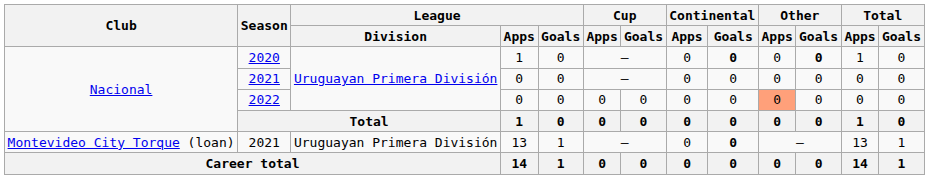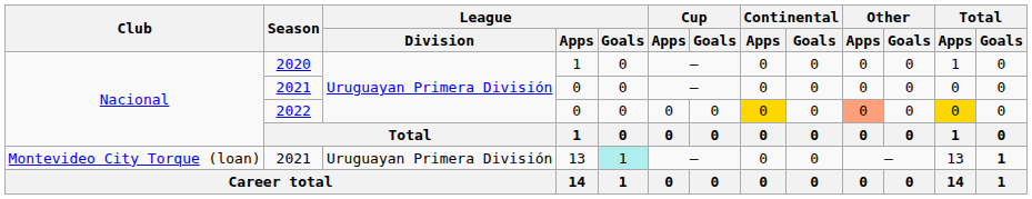 <table class="wikitable" style="text-align: center">
 <tr>
 <th rowspan="2">Club</th>
 <th rowspan="2">Season</th>
 <th colspan="3">League</th>
 <th colspan="2">Cup</th>
 <th colspan="2">Continental</th>
 <th colspan="2">Other</th>
 <th colspan="2">Total</th>
 </tr>
 <tr>
 <th>Division</th>
 <th>Apps</th>
 <th>Goals</th>
 <th>Apps</th>
 <th>Goals</th>
 <th>Apps</th>
 <th>Goals</th>
 <th>Apps</th>
 <th>Goals</th>
 <th>Apps</th>
 <th>Goals</th>
 </tr>
 <tr>
 <td rowspan="4"><a href='#'>Nacional</a></td>
 <td><a href='#'>2020</a></td>
 <td rowspan="3"><a href='#'>Uruguayan Primera División</a></td>
 <td>1</td>
 <td>0</td>
 <td colspan="2">—</td>
 <td>0</td>
-<td><strong>0</strong></td>
 <td>0</td>
-<td><strong>0</strong></td>
+<td>0</td>
+<td>0</td>
 <td>1</td>
 <td>0</td>
 </tr>
 <tr>
 <td><a href='#'>2021</a></td>
 <td>0</td>
 <td>0</td>
 <td colspan="2">—</td>
 <td>0</td>
 <td>0</td>
 <td>0</td>
 <td>0</td>
 <td>0</td>
 <td>0</td>
 </tr>
 <tr>
 <td><a href='#'>2022</a></td>
 <td>0</td>
 <td>0</td>
 <td>0</td>
 <td>0</td>
-<td>0</td>
+<td style="background: gold;">0</td>
 <td>0</td>
 <td style="background: lightsalmon;">0</td>
 <td>0</td>
-<td>0</td>
+<td style="background: gold;">0</td>
 <td>0</td>
 </tr>
 <tr>
 <th colspan="2">Total</th>
 <th>1</th>
 <th>0</th>
 <th>0</th>
 <th>0</th>
 <th>0</th>
 <th>0</th>
 <th>0</th>
 <th>0</th>
 <th>1</th>
 <th>0</th>
 </tr>
 <tr>
 <td><a href='#'>Montevideo City Torque</a> (loan)</td>
 <td>2021</td>
 <td>Uruguayan Primera División</td>
 <td>13</td>
-<td>1</td>
+<td style="background: paleturquoise;">1</td>
 <td colspan="2">—</td>
 <td>0</td>
-<td><strong>0</strong></td>
+<td>0</td>
 <td colspan="2">—</td>
 <td>13</td>
-<td>1</td>
+<td><strong>1</strong></td>
 </tr>
 <tr>
 <th colspan="3">Career total</th>
 <th>14</th>
 <th>1</th>
 <th>0</th>
 <th>0</th>
 <th>0</th>
 <th>0</th>
 <th>0</th>
 <th>0</th>
 <th>14</th>
 <th>1</th>
 </tr>
 </table>
